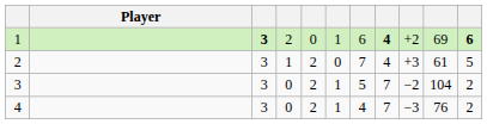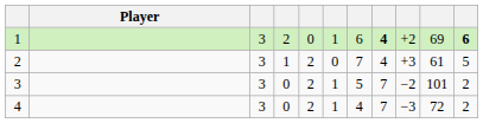 <table class="wikitable" style="text-align:center; margin: 1em auto 1em auto, align:left">
 <tr>
 <th width=20></th>
 <th width=240>Player</th>
 <th width=20></th>
 <th width=20></th>
 <th width=20></th>
 <th width=20></th>
 <th width=20></th>
 <th width=20></th>
 <th width=20></th>
 <th width=30></th>
 <th width=20></th>
 </tr>
 <tr style="background:#D0F0C0;">
 <td>1</td>
 <td align=left></td>
-<td><strong>3</strong></td>
+<td>3</td>
 <td>2</td>
 <td>0</td>
 <td>1</td>
 <td>6</td>
 <td><strong>4</strong></td>
 <td>+2</td>
 <td>69</td>
 <td><strong>6</strong></td>
 </tr>
 <tr style=>
 <td>2</td>
 <td align=left></td>
 <td>3</td>
 <td>1</td>
 <td>2</td>
 <td>0</td>
 <td>7</td>
 <td>4</td>
 <td>+3</td>
 <td>61</td>
 <td>5</td>
 </tr>
 <tr style=>
 <td>3</td>
 <td align=left></td>
 <td>3</td>
 <td>0</td>
 <td>2</td>
 <td>1</td>
 <td>5</td>
 <td>7</td>
 <td>−2</td>
-<td>104</td>
+<td>101</td>
 <td>2</td>
 </tr>
 <tr style=>
 <td>4</td>
 <td align=left></td>
 <td>3</td>
 <td>0</td>
 <td>2</td>
 <td>1</td>
 <td>4</td>
 <td>7</td>
 <td>−3</td>
-<td>76</td>
+<td>72</td>
 <td>2</td>
 </tr>
 </table>
